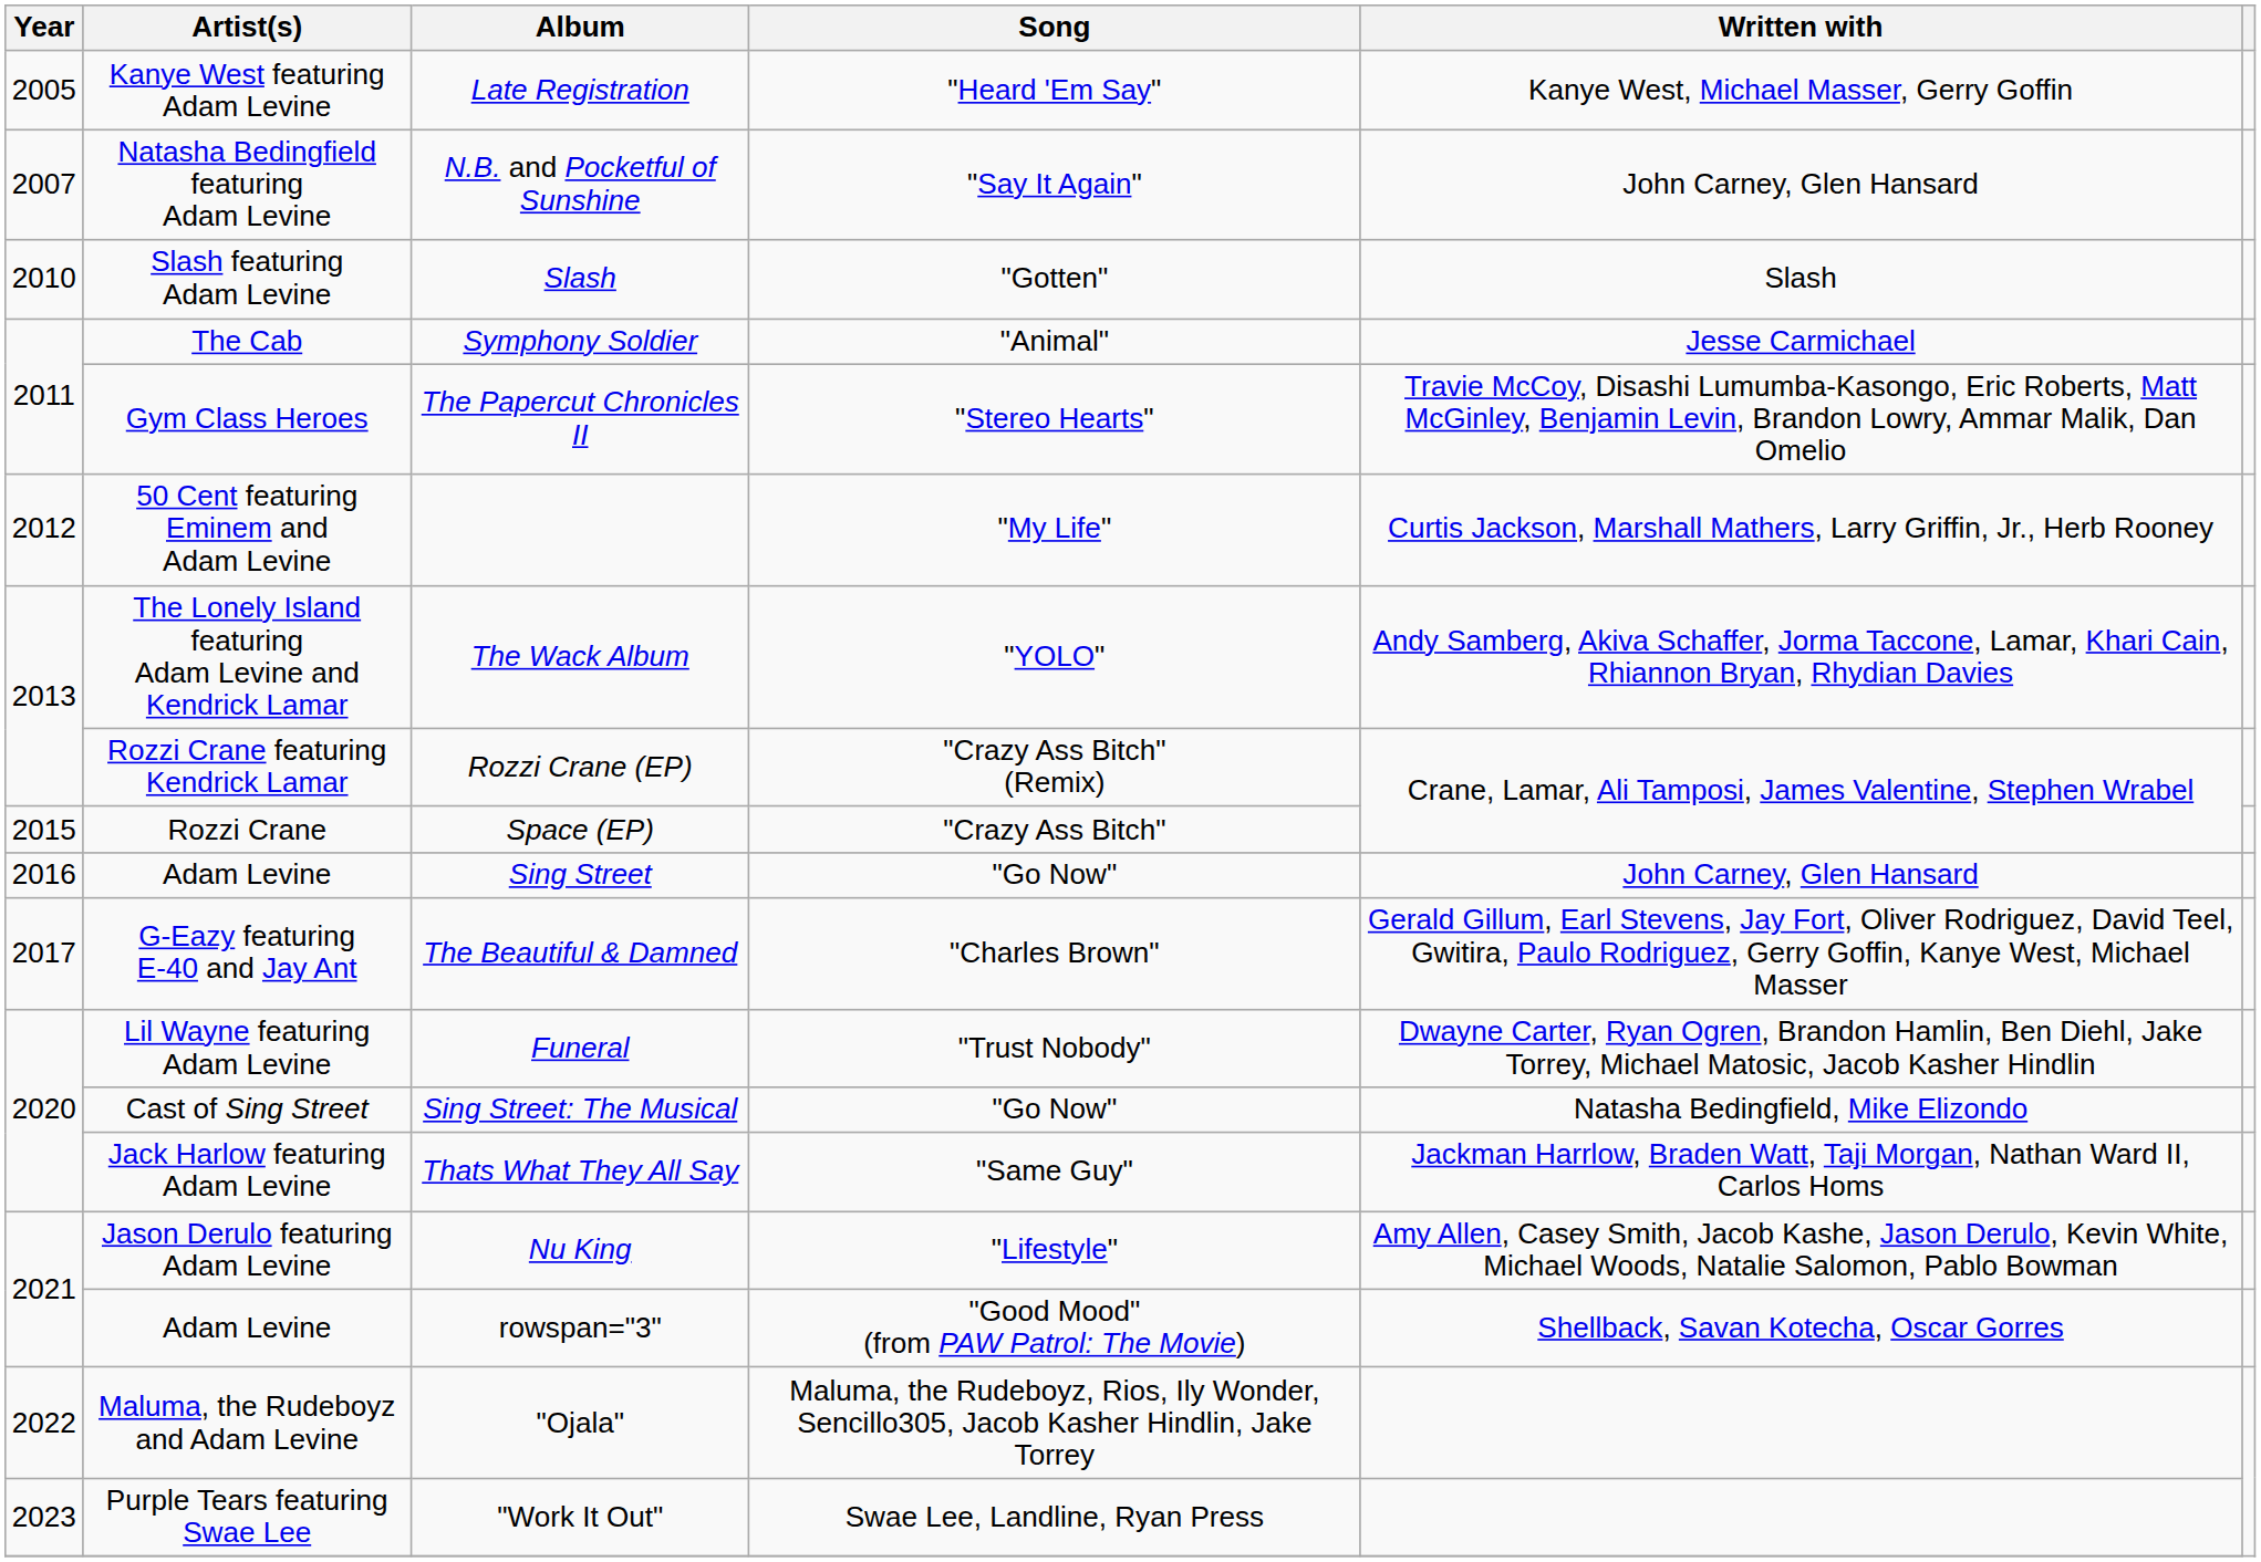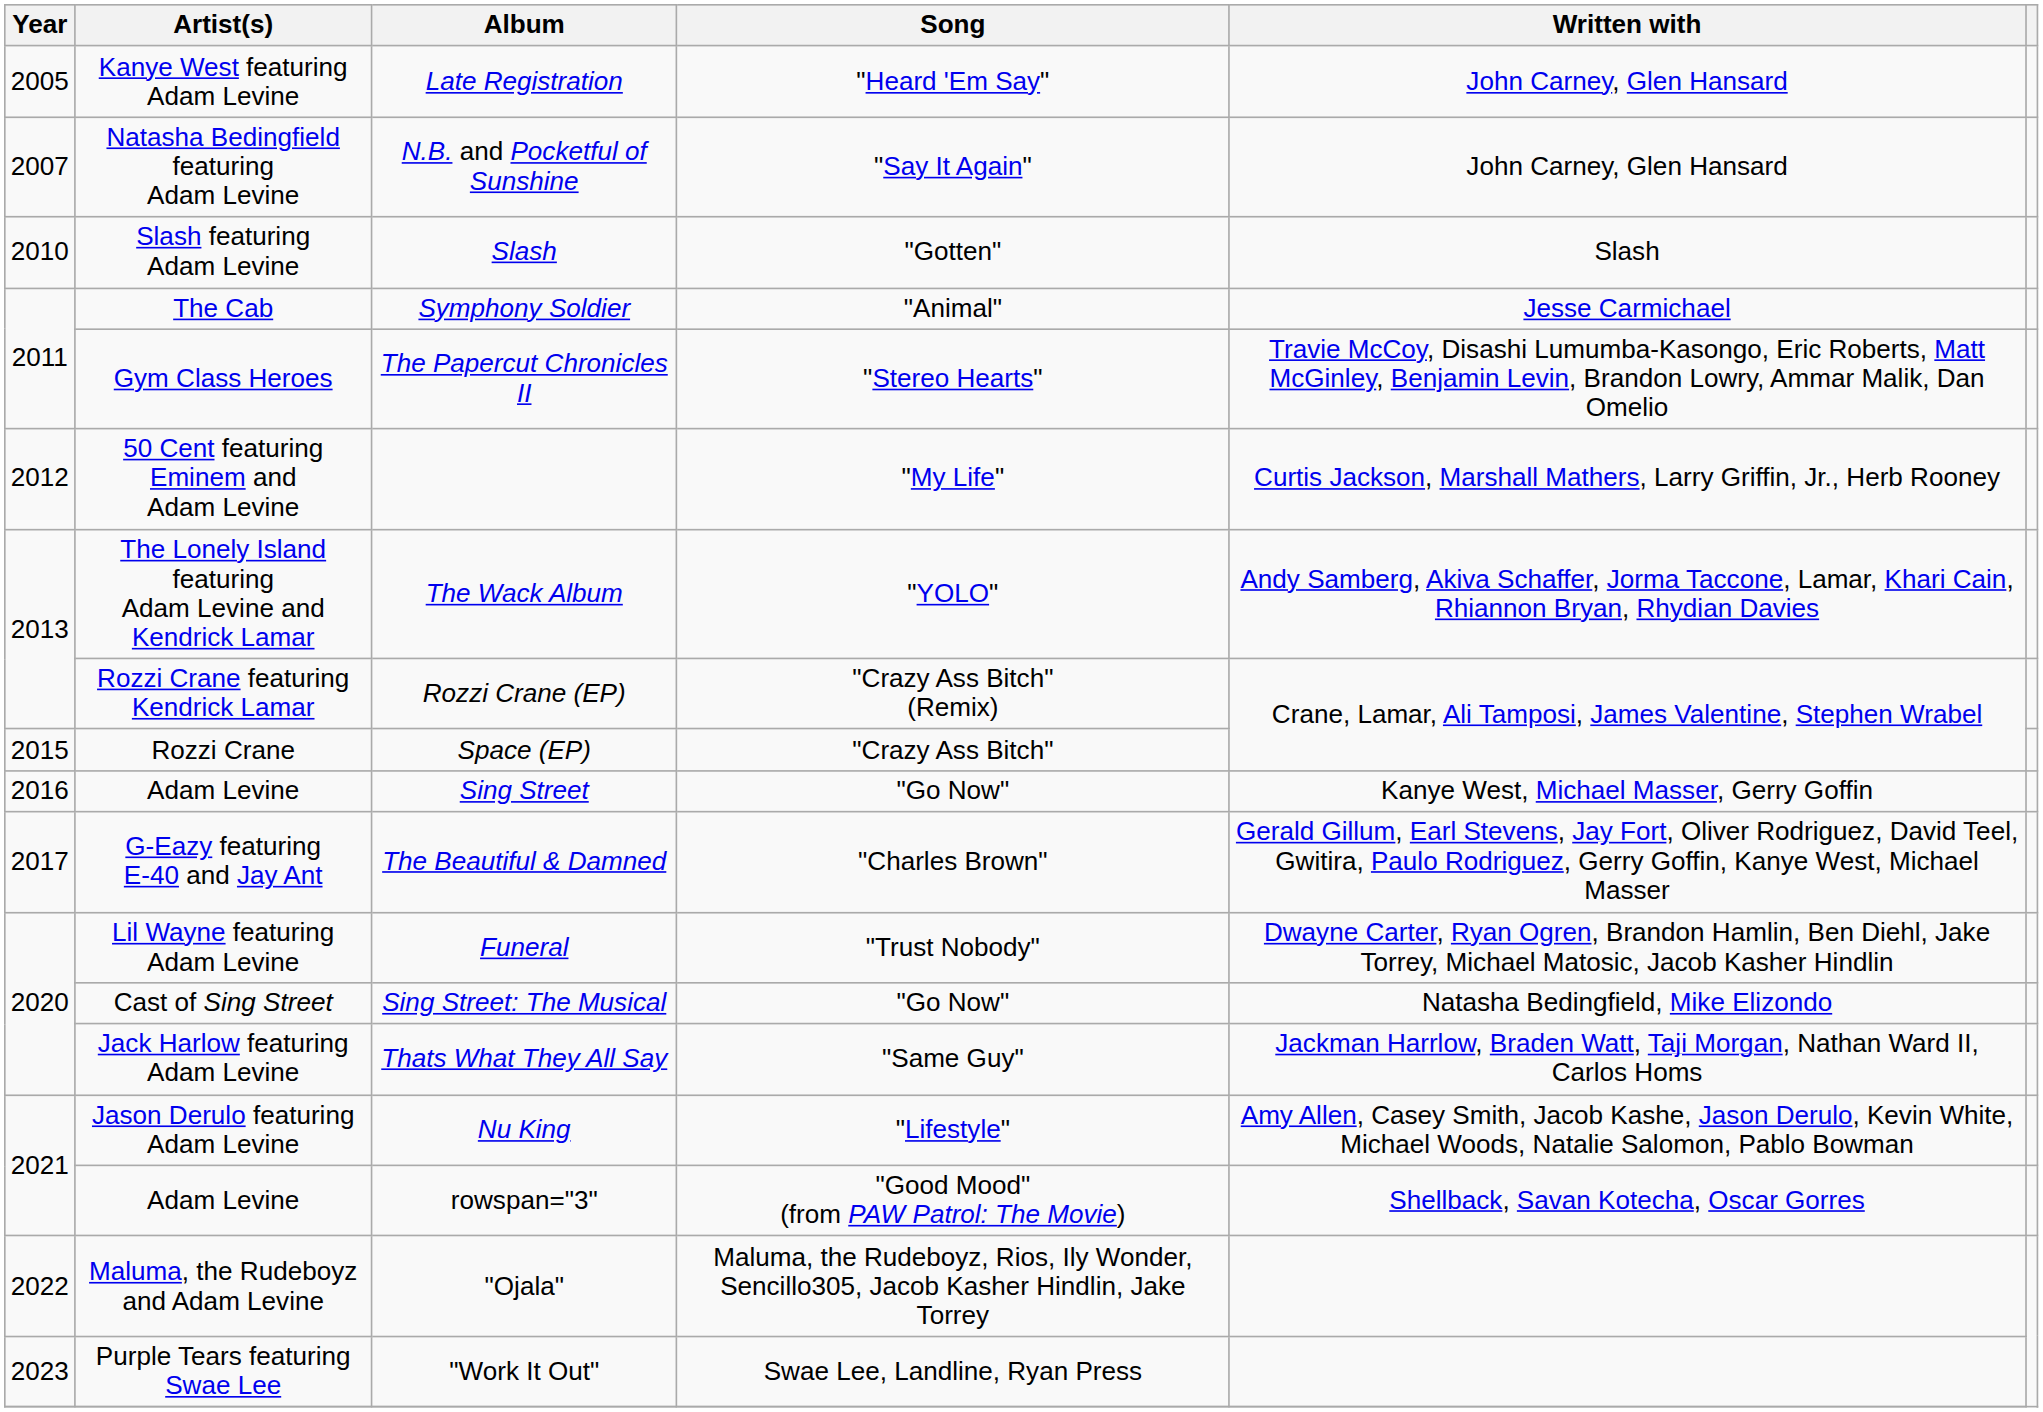 <table class="wikitable plainrowheaders" style="text-align:center;">
 <tr>
 <th scope="col">Year</th>
 <th scope="col">Artist(s)</th>
 <th scope="col" style="width:180px;">Album</th>
 <th scope="col">Song</th>
 <th scope="col">Written with</th>
 <th scope="col"></th>
 </tr>
 <tr>
 <td>2005</td>
 <td><a href='#'>Kanye West</a> featuring <br> Adam Levine</td>
 <td><em><a href='#'>Late Registration</a></em></td>
 <td>"<a href='#'>Heard 'Em Say</a>"</td>
-<td>Kanye West, <a href='#'>Michael Masser</a>, Gerry Goffin</td>
+<td><a href='#'>John Carney</a>, <a href='#'>Glen Hansard</a></td>
 <td></td>
 </tr>
 <tr>
 <td>2007</td>
 <td><a href='#'>Natasha Bedingfield</a> featuring <br> Adam Levine</td>
 <td><em><a href='#'>N.B.</a></em> and <em><a href='#'>Pocketful of Sunshine</a></em></td>
 <td>"<a href='#'>Say It Again</a>"</td>
 <td>John Carney, Glen Hansard</td>
 <td></td>
 </tr>
 <tr>
 <td>2010</td>
 <td><a href='#'>Slash</a> featuring <br> Adam Levine</td>
 <td><em><a href='#'>Slash</a></em></td>
 <td>"Gotten"</td>
 <td>Slash</td>
 <td></td>
 </tr>
 <tr>
 <td rowspan="2">2011</td>
 <td><a href='#'>The Cab</a></td>
 <td><em><a href='#'>Symphony Soldier</a></em></td>
 <td>"Animal"</td>
 <td><a href='#'>Jesse Carmichael</a></td>
 <td></td>
 </tr>
 <tr>
 <td><a href='#'>Gym Class Heroes</a></td>
 <td><em><a href='#'>The Papercut Chronicles II</a></em></td>
 <td>"<a href='#'>Stereo Hearts</a>"</td>
 <td><a href='#'>Travie McCoy</a>, Disashi Lumumba-Kasongo, Eric Roberts, <a href='#'>Matt McGinley</a>, <a href='#'>Benjamin Levin</a>, Brandon Lowry, Ammar Malik, Dan Omelio</td>
 <td></td>
 </tr>
 <tr>
 <td>2012</td>
 <td><a href='#'>50 Cent</a> featuring <a href='#'>Eminem</a> and <br> Adam Levine</td>
 <td></td>
 <td>"<a href='#'>My Life</a>"</td>
 <td><a href='#'>Curtis Jackson</a>, <a href='#'>Marshall Mathers</a>, Larry Griffin, Jr., Herb Rooney</td>
 <td></td>
 </tr>
 <tr>
 <td rowspan="2">2013</td>
 <td><a href='#'>The Lonely Island</a> featuring <br> Adam Levine and <a href='#'>Kendrick Lamar</a></td>
 <td><em><a href='#'>The Wack Album</a></em></td>
 <td>"<a href='#'>YOLO</a>"</td>
 <td><a href='#'>Andy Samberg</a>, <a href='#'>Akiva Schaffer</a>, <a href='#'>Jorma Taccone</a>, Lamar, <a href='#'>Khari Cain</a>, <a href='#'>Rhiannon Bryan</a>, <a href='#'>Rhydian Davies</a></td>
 <td></td>
 </tr>
 <tr>
 <td><a href='#'>Rozzi Crane</a> featuring <br> <a href='#'>Kendrick Lamar</a></td>
 <td><em>Rozzi Crane (EP)</em></td>
 <td>"Crazy Ass Bitch" <br> (Remix)</td>
 <td rowspan="2">Crane, Lamar, <a href='#'>Ali Tamposi</a>, <a href='#'>James Valentine</a>, <a href='#'>Stephen Wrabel</a></td>
 <td></td>
 </tr>
 <tr>
 <td>2015</td>
 <td>Rozzi Crane</td>
 <td><em>Space (EP)</em></td>
 <td>"Crazy Ass Bitch"</td>
 <td></td>
 </tr>
 <tr>
 <td>2016</td>
 <td>Adam Levine</td>
 <td><em><a href='#'>Sing Street</a></em></td>
 <td>"Go Now"</td>
-<td><a href='#'>John Carney</a>, <a href='#'>Glen Hansard</a></td>
+<td>Kanye West, <a href='#'>Michael Masser</a>, Gerry Goffin</td>
 <td></td>
 </tr>
 <tr>
 <td>2017</td>
 <td><a href='#'>G-Eazy</a> featuring <br> <a href='#'>E-40</a> and <a href='#'>Jay Ant</a></td>
 <td><em><a href='#'>The Beautiful & Damned</a></em></td>
 <td>"Charles Brown"</td>
 <td><a href='#'>Gerald Gillum</a>, <a href='#'>Earl Stevens</a>, <a href='#'>Jay Fort</a>, Oliver Rodriguez, David Teel, Gwitira, <a href='#'>Paulo Rodriguez</a>, Gerry Goffin, Kanye West, Michael Masser</td>
 <td></td>
 </tr>
 <tr>
 <td rowspan="3">2020</td>
 <td><a href='#'>Lil Wayne</a> featuring <br> Adam Levine</td>
 <td><em><a href='#'>Funeral</a></em></td>
 <td>"Trust Nobody"</td>
 <td><a href='#'>Dwayne Carter</a>, <a href='#'>Ryan Ogren</a>, Brandon Hamlin, Ben Diehl, Jake Torrey, Michael Matosic, Jacob Kasher Hindlin</td>
 <td></td>
 </tr>
 <tr>
 <td>Cast of <em>Sing Street</em></td>
 <td><em><a href='#'>Sing Street: The Musical</a></em></td>
 <td>"Go Now"</td>
 <td>Natasha Bedingfield, <a href='#'>Mike Elizondo</a></td>
 <td></td>
 </tr>
 <tr>
 <td><a href='#'>Jack Harlow</a> featuring Adam Levine</td>
 <td><em><a href='#'>Thats What They All Say</a></em></td>
 <td>"Same Guy"</td>
 <td><a href='#'>Jackman Harrlow</a>, <a href='#'>Braden Watt</a>, <a href='#'>Taji Morgan</a>, Nathan Ward II, Carlos Homs</td>
 <td></td>
 </tr>
 <tr>
 <td rowspan="2">2021</td>
 <td><a href='#'>Jason Derulo</a> featuring Adam Levine</td>
 <td><em><a href='#'>Nu King</a></em></td>
 <td>"<a href='#'>Lifestyle</a>"</td>
 <td><a href='#'>Amy Allen</a>, Casey Smith, Jacob Kashe, <a href='#'>Jason Derulo</a>, Kevin White, Michael Woods, Natalie Salomon, Pablo Bowman</td>
 <td></td>
 </tr>
 <tr>
 <td>Adam Levine</td>
 <td>rowspan="3" </td>
 <td>"Good Mood" <br><span>(from <em><a href='#'>PAW Patrol: The Movie</a></em>)</span></td>
 <td><a href='#'>Shellback</a>, <a href='#'>Savan Kotecha</a>, <a href='#'>Oscar Gorres</a></td>
 <td></td>
 </tr>
 <tr>
 <td>2022</td>
 <td><a href='#'>Maluma</a>, the Rudeboyz and Adam Levine</td>
 <td>"Ojala"</td>
 <td>Maluma, the Rudeboyz, Rios, Ily Wonder, Sencillo305, Jacob Kasher Hindlin, Jake Torrey</td>
 <td></td>
 </tr>
 <tr>
 <td>2023</td>
 <td>Purple Tears featuring <a href='#'>Swae Lee</a></td>
 <td>"Work It Out"</td>
 <td>Swae Lee, Landline, Ryan Press</td>
 <td></td>
 </tr>
 <tr>
 </tr>
 </table>
